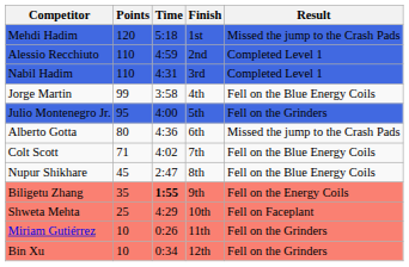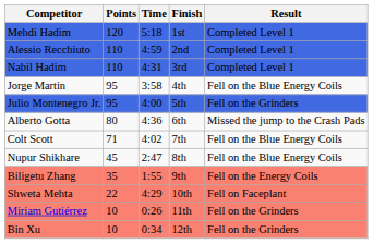 <table class="wikitable sortable">
 <tr>
 <th nowrap="nowrap">Competitor</th>
 <th>Points</th>
 <th>Time</th>
 <th>Finish</th>
 <th>Result</th>
 </tr>
 <tr style="background:royalblue;">
 <td> Mehdi Hadim</td>
 <td>120</td>
 <td>5:18</td>
 <td>1st</td>
-<td>Missed the jump to the Crash Pads</td>
+<td>Completed Level 1</td>
 </tr>
 <tr style="background:royalblue;">
 <td> Alessio Recchiuto</td>
 <td>110</td>
 <td>4:59</td>
 <td>2nd</td>
 <td>Completed Level 1</td>
 </tr>
 <tr style="background:royalblue;">
 <td> Nabil Hadim</td>
 <td>110</td>
 <td>4:31</td>
 <td>3rd</td>
 <td>Completed Level 1</td>
 </tr>
 <tr>
 <td> Jorge Martin</td>
-<td>99</td>
+<td>95</td>
 <td>3:58</td>
 <td>4th</td>
 <td>Fell on the Blue Energy Coils</td>
 </tr>
 <tr style="background:royalblue;">
 <td> Julio Montenegro Jr.</td>
 <td>95</td>
 <td>4:00</td>
 <td>5th</td>
 <td>Fell on the Grinders</td>
 </tr>
 <tr>
 <td> Alberto Gotta</td>
 <td>80</td>
 <td>4:36</td>
 <td>6th</td>
 <td>Missed the jump to the Crash Pads</td>
 </tr>
 <tr>
 <td> Colt Scott</td>
 <td>71</td>
 <td>4:02</td>
 <td>7th</td>
 <td>Fell on the Blue Energy Coils</td>
 </tr>
 <tr>
 <td> Nupur Shikhare</td>
 <td>45</td>
 <td>2:47</td>
 <td>8th</td>
 <td>Fell on the Blue Energy Coils</td>
 </tr>
 <tr style="background-color:#fa8072">
 <td> Biligetu Zhang</td>
 <td>35</td>
-<td><strong>1:55</strong></td>
+<td>1:55</td>
 <td>9th</td>
 <td>Fell on the Energy Coils</td>
 </tr>
 <tr style="background-color:#fa8072">
 <td> Shweta Mehta</td>
-<td>25</td>
+<td>22</td>
 <td>4:29</td>
 <td>10th</td>
 <td>Fell on Faceplant</td>
 </tr>
 <tr style="background-color:#fa8072">
 <td> <a href='#'>Miriam Gutiérrez</a></td>
 <td>10</td>
 <td>0:26</td>
 <td>11th</td>
 <td>Fell on the Grinders</td>
 </tr>
 <tr style="background-color:#fa8072">
 <td> Bin Xu</td>
 <td>10</td>
 <td>0:34</td>
 <td>12th</td>
 <td>Fell on the Grinders</td>
 </tr>
 </table>
